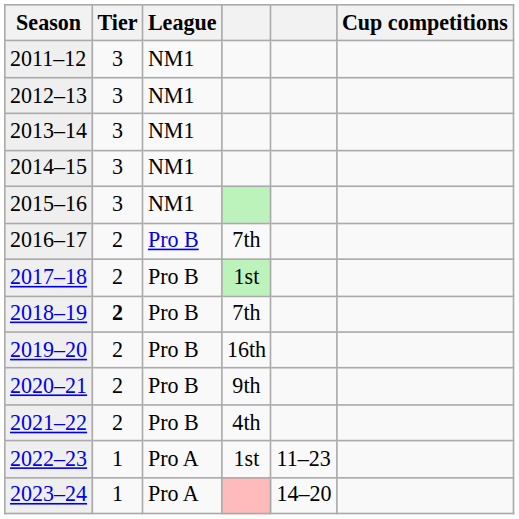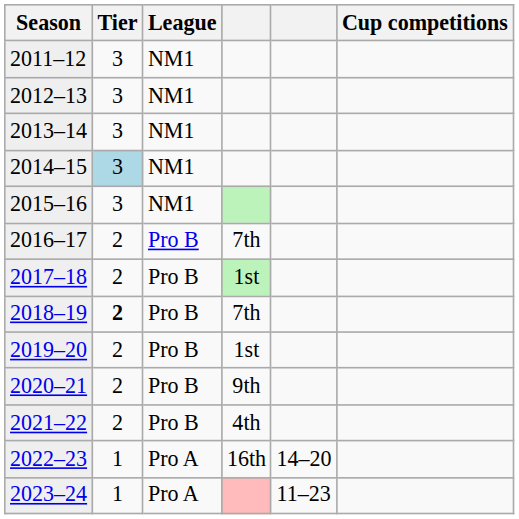 <table class="wikitable" style="font-size:85%;">
 <tr>
 <th>Season</th>
 <th>Tier</th>
 <th>League</th>
 <th></th>
 <th></th>
 <th colspan=2>Cup competitions</th>
 </tr>
 <tr>
 <td style="background:#efefef;">2011–12</td>
 <td align="center">3</td>
 <td>NM1</td>
 <td></td>
 <td></td>
 <td colspan=2></td>
 </tr>
 <tr>
 <td style="background:#efefef;">2012–13</td>
 <td align="center">3</td>
 <td>NM1</td>
 <td></td>
 <td></td>
 <td colspan=2></td>
 </tr>
 <tr>
 <td style="background:#efefef;">2013–14</td>
 <td align="center">3</td>
 <td>NM1</td>
 <td></td>
 <td></td>
 <td colspan=2></td>
 </tr>
 <tr>
 <td style="background:#efefef;">2014–15</td>
-<td align="center">3</td>
+<td align="center" style="background: lightblue;">3</td>
 <td>NM1</td>
 <td></td>
 <td></td>
 <td colspan=2></td>
 </tr>
 <tr>
 <td style="background:#efefef;">2015–16</td>
 <td align="center">3</td>
 <td>NM1</td>
 <td style="background:#BBF3BB"></td>
 <td></td>
 <td colspan=2></td>
 </tr>
 <tr>
 <td style="background:#efefef;">2016–17</td>
 <td align="center">2</td>
 <td><a href='#'>Pro B</a></td>
 <td align="center">7th</td>
 <td></td>
 <td colspan=2></td>
 </tr>
 <tr>
 <td style="background:#efefef;"><a href='#'>2017–18</a></td>
 <td align="center">2</td>
 <td>Pro B</td>
 <td style="background:#BBF3BB;" align="center">1st</td>
 <td></td>
 <td colspan=2></td>
 </tr>
 <tr>
 <td style="background:#efefef;"><a href='#'>2018–19</a></td>
 <td align="center"><strong>2</strong></td>
 <td>Pro B</td>
 <td align="center">7th</td>
 <td></td>
 <td colspan=2></td>
 </tr>
 <tr>
 <td style="background:#efefef;"><a href='#'>2019–20</a></td>
 <td align="center">2</td>
 <td>Pro B</td>
-<td>16th</td>
+<td align="center">1st</td>
 <td></td>
 <td colspan=2></td>
 </tr>
 <tr>
 <td style="background:#efefef;"><a href='#'>2020–21</a></td>
 <td align="center">2</td>
 <td>Pro B</td>
 <td align="center">9th</td>
 <td></td>
 <td colspan=2></td>
 </tr>
 <tr>
 <td style="background:#efefef;"><a href='#'>2021–22</a></td>
 <td align="center">2</td>
 <td>Pro B</td>
 <td align="center">4th</td>
 <td></td>
 <td colspan=2></td>
 </tr>
 <tr>
 <td style="background:#efefef;"><a href='#'>2022–23</a></td>
 <td align="center">1</td>
 <td>Pro A</td>
-<td align="center">1st</td>
-<td>11–23</td>
+<td>16th</td>
+<td>14–20</td>
 <td></td>
 </tr>
 <tr>
 <td style="background:#efefef;"><a href='#'>2023–24</a></td>
 <td align="center">1</td>
 <td>Pro A</td>
 <td style="background:#FFBBBB"></td>
-<td>14–20</td>
+<td>11–23</td>
 <td></td>
 </tr>
 </table>
